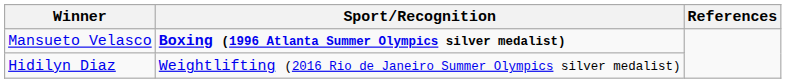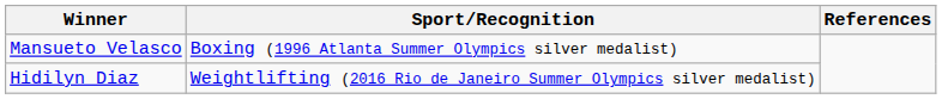 <table class="wikitable">
 <tr>
 <th>Winner</th>
 <th>Sport/Recognition</th>
 <th>References</th>
 </tr>
 <tr>
 <td><a href='#'>Mansueto Velasco</a></td>
-<td><strong><a href='#'>Boxing</a> <small>(<a href='#'>1996 Atlanta Summer Olympics</a> silver medalist)</small></strong></td>
+<td><a href='#'>Boxing</a> <small>(<a href='#'>1996 Atlanta Summer Olympics</a> silver medalist)</small></td>
 <td rowspan=2></td>
 </tr>
 <tr>
 <td><a href='#'>Hidilyn Diaz</a></td>
 <td><a href='#'>Weightlifting</a> <small>(<a href='#'>2016 Rio de Janeiro Summer Olympics</a> silver medalist)</small></td>
 </tr>
 </table>
